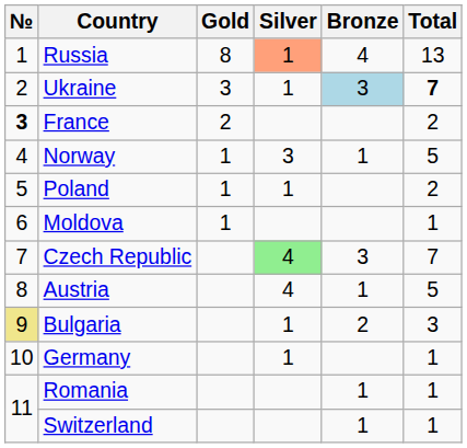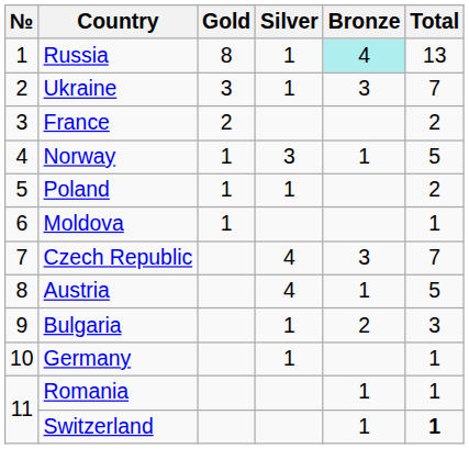 <table class="wikitable sortable" style="text-align:center;">
 <tr>
 <th>№</th>
 <th>Country</th>
 <th>Gold</th>
 <th>Silver</th>
 <th>Bronze</th>
 <th>Total</th>
 </tr>
 <tr>
 <td>1</td>
 <td align=left> <a href='#'>Russia</a></td>
 <td>8</td>
-<td style="background: lightsalmon;">1</td>
-<td>4</td>
+<td>1</td>
+<td style="background: paleturquoise;">4</td>
 <td>13</td>
 </tr>
 <tr>
 <td>2</td>
 <td align=left> <a href='#'>Ukraine</a></td>
 <td>3</td>
 <td>1</td>
-<td style="background: lightblue;">3</td>
-<td><strong>7</strong></td>
+<td>3</td>
+<td>7</td>
 </tr>
 <tr>
-<td><strong>3</strong></td>
+<td>3</td>
 <td align=left> <a href='#'>France</a></td>
 <td>2</td>
 <td></td>
 <td></td>
 <td>2</td>
 </tr>
 <tr>
 <td>4</td>
 <td align=left> <a href='#'>Norway</a></td>
 <td>1</td>
 <td>3</td>
 <td>1</td>
 <td>5</td>
 </tr>
 <tr>
 <td>5</td>
 <td align=left> <a href='#'>Poland</a></td>
 <td>1</td>
 <td>1</td>
 <td></td>
 <td>2</td>
 </tr>
 <tr>
 <td>6</td>
 <td align=left> <a href='#'>Moldova</a></td>
 <td>1</td>
 <td></td>
 <td></td>
 <td>1</td>
 </tr>
 <tr>
 <td>7</td>
 <td align=left> <a href='#'>Czech Republic</a></td>
 <td></td>
-<td style="background: lightgreen;">4</td>
+<td>4</td>
 <td>3</td>
 <td>7</td>
 </tr>
 <tr>
 <td>8</td>
 <td align=left> <a href='#'>Austria</a></td>
 <td></td>
 <td>4</td>
 <td>1</td>
 <td>5</td>
 </tr>
 <tr>
-<td style="background: khaki;">9</td>
+<td>9</td>
 <td align=left> <a href='#'>Bulgaria</a></td>
 <td></td>
 <td>1</td>
 <td>2</td>
 <td>3</td>
 </tr>
 <tr>
 <td>10</td>
 <td align=left> <a href='#'>Germany</a></td>
 <td></td>
 <td>1</td>
 <td></td>
 <td>1</td>
 </tr>
 <tr>
 <td rowspan="2">11</td>
 <td align=left> <a href='#'>Romania</a></td>
 <td></td>
 <td></td>
 <td>1</td>
 <td>1</td>
 </tr>
 <tr>
 <td align=left> <a href='#'>Switzerland</a></td>
 <td></td>
 <td></td>
 <td>1</td>
-<td>1</td>
+<td><strong>1</strong></td>
 </tr>
 </table>
